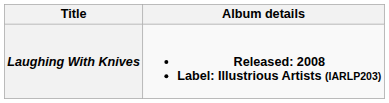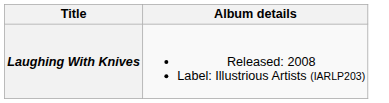 <table class="wikitable plainrowheaders" style="text-align:center;" border="1">
 <tr>
 <th scope="col">Title</th>
 <th scope="col">Album details</th>
 </tr>
 <tr>
 <th scope="row"><em>Laughing With Knives</em></th>
-<td><strong><br><ul><li>Released: 2008</li><li>Label: Illustrious Artists <small>(IARLP203)</small></li></ul></strong></td>
+<td><br><ul><li>Released: 2008</li><li>Label: Illustrious Artists <small>(IARLP203)</small></li></ul></td>
 </tr>
 </table>
